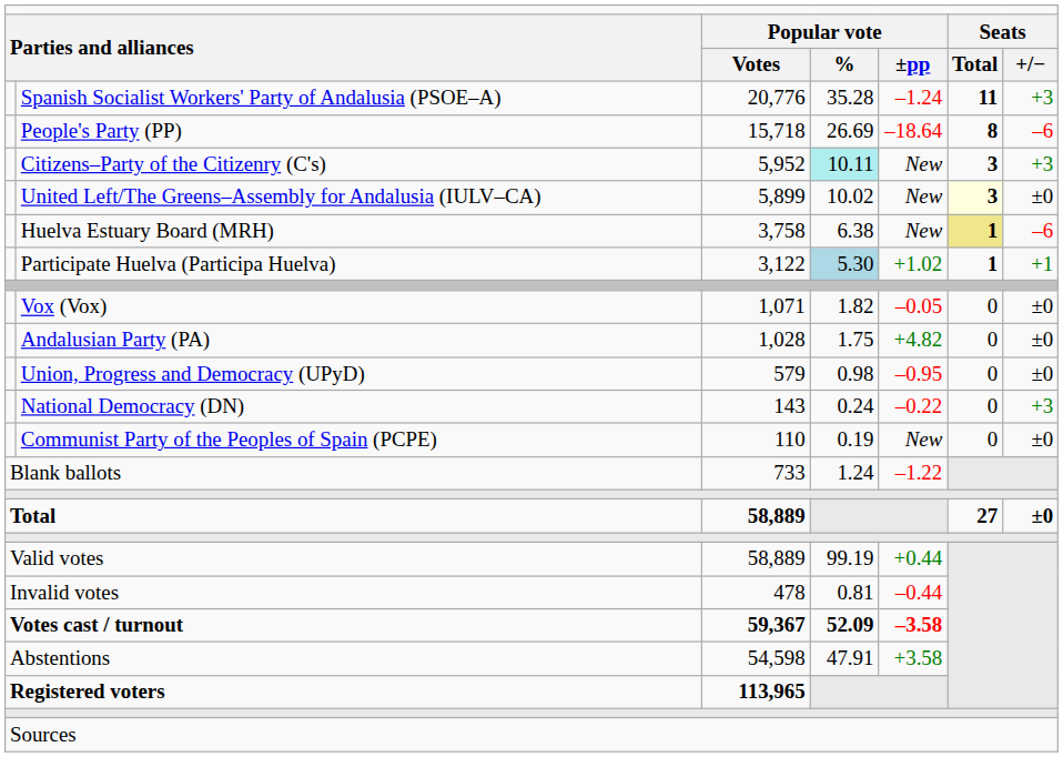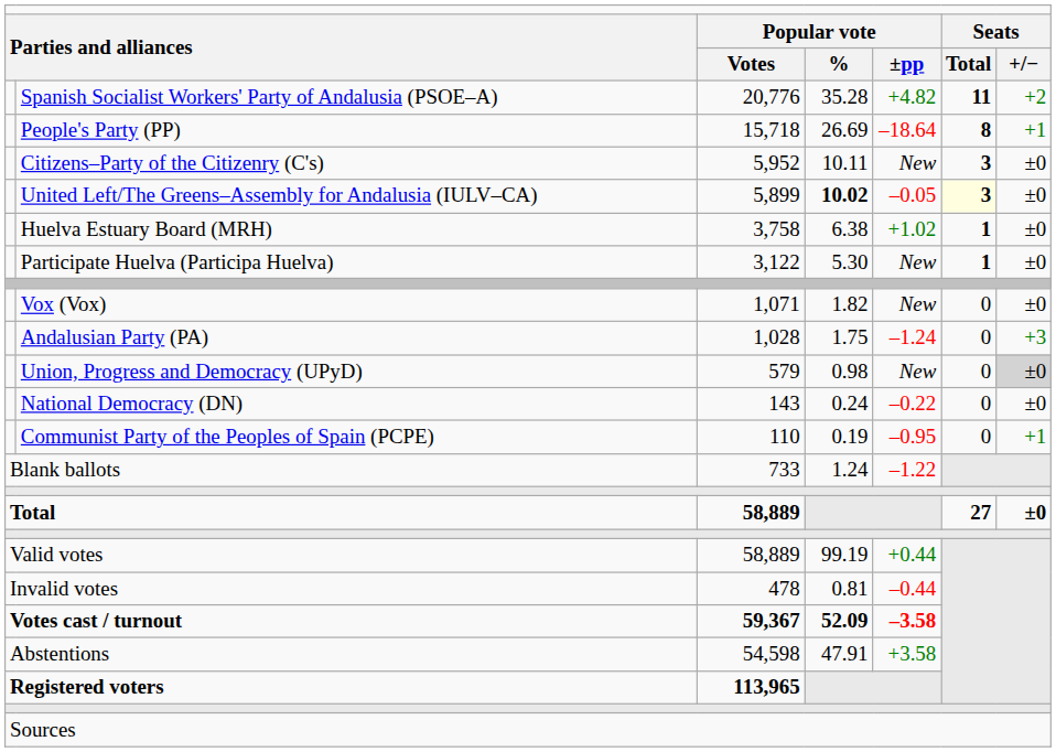 <table class="wikitable" style="text-align:right;">
 <tr>
 <td colspan="7"></td>
 </tr>
 <tr>
 <th style="text-align:left;" rowspan="2" colspan="2" width="525">Parties and alliances</th>
 <th colspan="3">Popular vote</th>
 <th colspan="2">Seats</th>
 </tr>
 <tr>
 <th width="75">Votes</th>
 <th width="45">%</th>
 <th width="45">±<a href='#'>pp</a></th>
 <th width="35">Total</th>
 <th width="35">+/−</th>
 </tr>
 <tr>
 <td width="1" style="color:inherit;background:"></td>
 <td align="left"><a href='#'>Spanish Socialist Workers' Party of Andalusia</a> (PSOE–A)</td>
 <td>20,776</td>
 <td>35.28</td>
-<td style="color:red;">–1.24</td>
+<td style="color:green;">+4.82</td>
 <td><strong>11</strong></td>
-<td style="color:green;">+3</td>
+<td style="color:green;">+2</td>
 </tr>
 <tr>
 <td style="color:inherit;background:"></td>
 <td align="left"><a href='#'>People's Party</a> (PP)</td>
 <td>15,718</td>
 <td>26.69</td>
 <td style="color:red;">–18.64</td>
 <td><strong>8</strong></td>
-<td style="color:red;">–6</td>
+<td style="color:green;">+1</td>
 </tr>
 <tr>
 <td style="color:inherit;background:"></td>
 <td align="left"><a href='#'>Citizens–Party of the Citizenry</a> (C's)</td>
 <td>5,952</td>
-<td style="background: paleturquoise;">10.11</td>
+<td>10.11</td>
 <td><em>New</em></td>
 <td><strong>3</strong></td>
-<td style="color:green;">+3</td>
+<td>±0</td>
 </tr>
 <tr>
 <td style="color:inherit;background:"></td>
 <td align="left"><a href='#'>United Left/The Greens–Assembly for Andalusia</a> (IULV–CA)</td>
 <td>5,899</td>
-<td>10.02</td>
-<td><em>New</em></td>
+<td><strong>10.02</strong></td>
+<td style="color:red;">–0.05</td>
 <td style="background: lightyellow;"><strong>3</strong></td>
 <td>±0</td>
 </tr>
 <tr>
 <td style="color:inherit;background:"></td>
 <td align="left">Huelva Estuary Board (MRH)</td>
 <td>3,758</td>
 <td>6.38</td>
-<td><em>New</em></td>
-<td style="background: khaki;"><strong>1</strong></td>
-<td style="color:red;">–6</td>
+<td style="color:green;">+1.02</td>
+<td><strong>1</strong></td>
+<td>±0</td>
 </tr>
 <tr>
 <td style="color:inherit;background:"></td>
 <td align="left">Participate Huelva (Participa Huelva)</td>
 <td>3,122</td>
-<td style="background: lightblue;">5.30</td>
-<td style="color:green;">+1.02</td>
+<td>5.30</td>
+<td><em>New</em></td>
 <td><strong>1</strong></td>
-<td style="color:green;">+1</td>
+<td>±0</td>
 </tr>
 <tr>
 <td colspan="7" bgcolor="#C0C0C0"></td>
 </tr>
 <tr>
 <td style="color:inherit;background:"></td>
 <td align="left"><a href='#'>Vox</a> (Vox)</td>
 <td>1,071</td>
 <td>1.82</td>
-<td style="color:red;">–0.05</td>
+<td><em>New</em></td>
 <td>0</td>
 <td>±0</td>
 </tr>
 <tr>
 <td style="color:inherit;background:"></td>
 <td align="left"><a href='#'>Andalusian Party</a> (PA)</td>
 <td>1,028</td>
 <td>1.75</td>
-<td style="color:green;">+4.82</td>
+<td style="color:red;">–1.24</td>
 <td>0</td>
-<td>±0</td>
+<td style="color:green;">+3</td>
 </tr>
 <tr>
 <td style="color:inherit;background:"></td>
 <td align="left"><a href='#'>Union, Progress and Democracy</a> (UPyD)</td>
 <td>579</td>
 <td>0.98</td>
-<td style="color:red;">–0.95</td>
+<td><em>New</em></td>
 <td>0</td>
-<td>±0</td>
+<td style="background: lightgrey;">±0</td>
 </tr>
 <tr>
 <td style="color:inherit;background:"></td>
 <td align="left"><a href='#'>National Democracy</a> (DN)</td>
 <td>143</td>
 <td>0.24</td>
 <td style="color:red;">–0.22</td>
 <td>0</td>
-<td style="color:green;">+3</td>
+<td>±0</td>
 </tr>
 <tr>
 <td style="color:inherit;background:"></td>
 <td align="left"><a href='#'>Communist Party of the Peoples of Spain</a> (PCPE)</td>
 <td>110</td>
 <td>0.19</td>
-<td><em>New</em></td>
+<td style="color:red;">–0.95</td>
 <td>0</td>
-<td>±0</td>
+<td style="color:green;">+1</td>
 </tr>
 <tr>
 <td align="left" colspan="2">Blank ballots</td>
 <td>733</td>
 <td>1.24</td>
 <td style="color:red;">–1.22</td>
 <td bgcolor="#E9E9E9" colspan="2"></td>
 </tr>
 <tr>
 <td colspan="7" bgcolor="#E9E9E9"></td>
 </tr>
 <tr style="font-weight:bold;">
 <td align="left" colspan="2">Total</td>
 <td>58,889</td>
 <td bgcolor="#E9E9E9" colspan="2"></td>
 <td>27</td>
 <td>±0</td>
 </tr>
 <tr>
 <td colspan="7" bgcolor="#E9E9E9"></td>
 </tr>
 <tr>
 <td align="left" colspan="2">Valid votes</td>
 <td>58,889</td>
 <td>99.19</td>
 <td style="color:green;">+0.44</td>
 <td bgcolor="#E9E9E9" colspan="2" rowspan="5"></td>
 </tr>
 <tr>
 <td align="left" colspan="2">Invalid votes</td>
 <td>478</td>
 <td>0.81</td>
 <td style="color:red;">–0.44</td>
 </tr>
 <tr style="font-weight:bold;">
 <td align="left" colspan="2">Votes cast / turnout</td>
 <td>59,367</td>
 <td>52.09</td>
 <td style="color:red;">–3.58</td>
 </tr>
 <tr>
 <td align="left" colspan="2">Abstentions</td>
 <td>54,598</td>
 <td>47.91</td>
 <td style="color:green;">+3.58</td>
 </tr>
 <tr style="font-weight:bold;">
 <td align="left" colspan="2">Registered voters</td>
 <td>113,965</td>
 <td bgcolor="#E9E9E9" colspan="2"></td>
 </tr>
 <tr>
 <td colspan="7" bgcolor="#E9E9E9"></td>
 </tr>
 <tr>
 <td align="left" colspan="7">Sources</td>
 </tr>
 </table>
